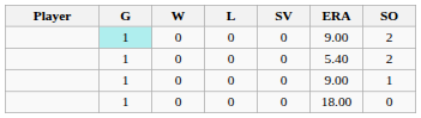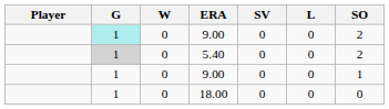 <table class="wikitable sortable">
 <tr>
 <th bgcolor="#DDDDFF" width="16%">Player</th>
 <th bgcolor="#DDDDFF" width="9%">G</th>
 <th bgcolor="#DDDDFF" width="9%">W</th>
+<th bgcolor="#DDDDFF" width="9%">ERA</th>
+<th bgcolor="#DDDDFF" width="9%">SV</th>
 <th bgcolor="#DDDDFF" width="9%">L</th>
-<th bgcolor="#DDDDFF" width="9%">SV</th>
-<th bgcolor="#DDDDFF" width="9%">ERA</th>
 <th bgcolor="#DDDDFF" width="9%">SO</th>
 </tr>
 <tr align="center">
 <td></td>
 <td style="background: paleturquoise;">1</td>
 <td>0</td>
+<td>9.00</td>
 <td>0</td>
 <td>0</td>
-<td>9.00</td>
+<td>2</td>
+</tr>
+<tr align="center">
+<td></td>
+<td style="background: lightgrey;">1</td>
+<td>0</td>
+<td>5.40</td>
+<td>0</td>
+<td>0</td>
 <td>2</td>
 </tr>
 <tr align="center">
 <td></td>
 <td>1</td>
 <td>0</td>
+<td>9.00</td>
 <td>0</td>
 <td>0</td>
-<td>5.40</td>
-<td>2</td>
-</tr>
-<tr align="center">
-<td></td>
-<td>1</td>
-<td>0</td>
-<td>0</td>
-<td>0</td>
-<td>9.00</td>
 <td>1</td>
 </tr>
 <tr align="center">
 <td></td>
 <td>1</td>
 <td>0</td>
+<td>18.00</td>
 <td>0</td>
 <td>0</td>
-<td>18.00</td>
 <td>0</td>
 </tr>
 </table>
